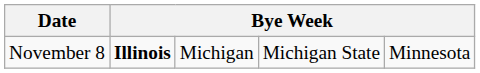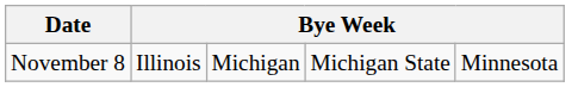 <table class="wikitable" style="font-size:95%;">
 <tr>
 <th>Date</th>
 <th colspan="4">Bye Week</th>
 </tr>
 <tr>
 <td>November 8</td>
-<td><strong>Illinois</strong></td>
+<td>Illinois</td>
 <td>Michigan</td>
 <td>Michigan State</td>
 <td>Minnesota</td>
 </tr>
 </table>
